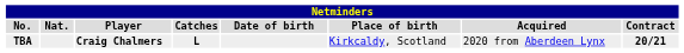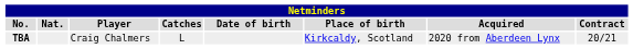 <table class="toccolours"  style="width:97%; clear:both; margin:1.5em auto; text-align:center;">
 <tr>
 <th colspan="11" style="background:darkblue; color:yellow;">Netminders</th>
 </tr>
 <tr style="background:#ddd;">
 <th width=5%>No.</th>
 <th width=5%>Nat.</th>
 <th !width=22%>Player</th>
 <th width=7%>Catches</th>
 <th width=16%>Date of birth</th>
 <th width=20%>Place of birth</th>
 <th width=24%>Acquired</th>
 <td><strong>Contract</strong></td>
 </tr>
 <tr style="background:#eee;">
 <td><strong>TBA</strong></td>
 <td></td>
-<td align="left"><strong>Craig Chalmers</strong></td>
-<td><strong>L</strong></td>
+<td align="left">Craig Chalmers</td>
+<td>L</td>
 <td align="left"></td>
 <td align="left"><a href='#'>Kirkcaldy</a>, Scotland</td>
 <td align="left">2020 from <a href='#'>Aberdeen Lynx</a></td>
-<td><strong>20/21</strong></td>
+<td>20/21</td>
 </tr>
 </table>
